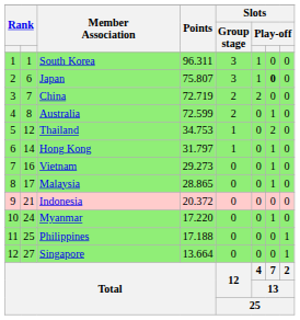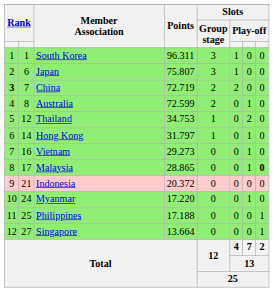 <table class="wikitable" style="text-align:center">
 <tr>
 </tr>
 <tr>
 <th colspan=2 rowspan=2><a href='#'>Rank</a></th>
 <th rowspan=3 width=200>Member<br>Association</th>
 <th rowspan=3>Points</th>
 <th colspan=4>Slots</th>
 </tr>
 <tr>
 <th rowspan=2>Group<br>stage</th>
 <th colspan=3>Play-off</th>
 </tr>
 <tr>
 <th></th>
 <th></th>
 <th></th>
 <th></th>
 <th></th>
 </tr>
 <tr bgcolor=#90ee77>
 <td>1</td>
 <td>1</td>
 <td align=left> <a href='#'>South Korea</a></td>
 <td>96.311</td>
 <td>3</td>
 <td>1</td>
 <td>0</td>
 <td>0</td>
 </tr>
 <tr bgcolor=#90ee77>
 <td>2</td>
 <td>6</td>
 <td align=left> <a href='#'>Japan</a></td>
 <td>75.807</td>
 <td>3</td>
 <td>1</td>
-<td><strong>0</strong></td>
+<td>0</td>
 <td>0</td>
 </tr>
 <tr bgcolor=#90ee77>
-<td>3</td>
+<td><strong>3</strong></td>
 <td>7</td>
 <td align=left> <a href='#'>China</a></td>
 <td>72.719</td>
 <td>2</td>
 <td>2</td>
 <td>0</td>
 <td>0</td>
 </tr>
 <tr bgcolor=#90ee77>
 <td>4</td>
 <td>8</td>
 <td align=left> <a href='#'>Australia</a></td>
 <td>72.599</td>
 <td>2</td>
 <td>0</td>
 <td>1</td>
 <td>0</td>
 </tr>
 <tr bgcolor=#90ee77>
 <td>5</td>
 <td>12</td>
 <td align=left> <a href='#'>Thailand</a></td>
 <td>34.753</td>
 <td>1</td>
 <td>0</td>
 <td>2</td>
 <td>0</td>
 </tr>
 <tr bgcolor=#90ee77>
 <td>6</td>
 <td>14</td>
 <td align=left> <a href='#'>Hong Kong</a></td>
 <td>31.797</td>
 <td>1</td>
 <td>0</td>
 <td>1</td>
 <td>0</td>
 </tr>
 <tr bgcolor=#90ee77>
 <td>7</td>
 <td>16</td>
 <td align=left> <a href='#'>Vietnam</a></td>
 <td>29.273</td>
 <td>0</td>
 <td>0</td>
 <td>1</td>
 <td>0</td>
 </tr>
 <tr bgcolor=#90ee77>
 <td>8</td>
 <td>17</td>
 <td align=left> <a href='#'>Malaysia</a></td>
 <td>28.865</td>
 <td>0</td>
 <td>0</td>
 <td>1</td>
-<td>0</td>
+<td><strong>0</strong></td>
 </tr>
 <tr bgcolor=#ffcccc>
 <td>9</td>
 <td>21</td>
 <td align=left> <a href='#'>Indonesia</a></td>
 <td>20.372</td>
 <td>0</td>
 <td>0</td>
 <td>0</td>
 <td>0</td>
 </tr>
 <tr bgcolor=#90ee77>
 <td>10</td>
 <td>24</td>
 <td align=left> <a href='#'>Myanmar</a></td>
 <td>17.220</td>
 <td>0</td>
 <td>0</td>
 <td>1</td>
 <td>0</td>
 </tr>
 <tr bgcolor=#90ee77>
 <td>11</td>
 <td>25</td>
 <td align=left> <a href='#'>Philippines</a></td>
 <td>17.188</td>
 <td>0</td>
 <td>0</td>
 <td>0</td>
 <td>1</td>
 </tr>
 <tr bgcolor=#90ee77>
 <td>12</td>
 <td>27</td>
 <td align=left> <a href='#'>Singapore</a></td>
 <td>13.664</td>
 <td>0</td>
 <td>0</td>
 <td>0</td>
 <td>1</td>
 </tr>
 <tr>
 <th colspan=4 rowspan=3>Total</th>
 <th rowspan=2>12</th>
 <th>4</th>
 <th>7</th>
 <th>2</th>
 </tr>
 <tr>
 <th colspan=3>13</th>
 </tr>
 <tr>
 <th colspan=4>25</th>
 </tr>
 </table>
